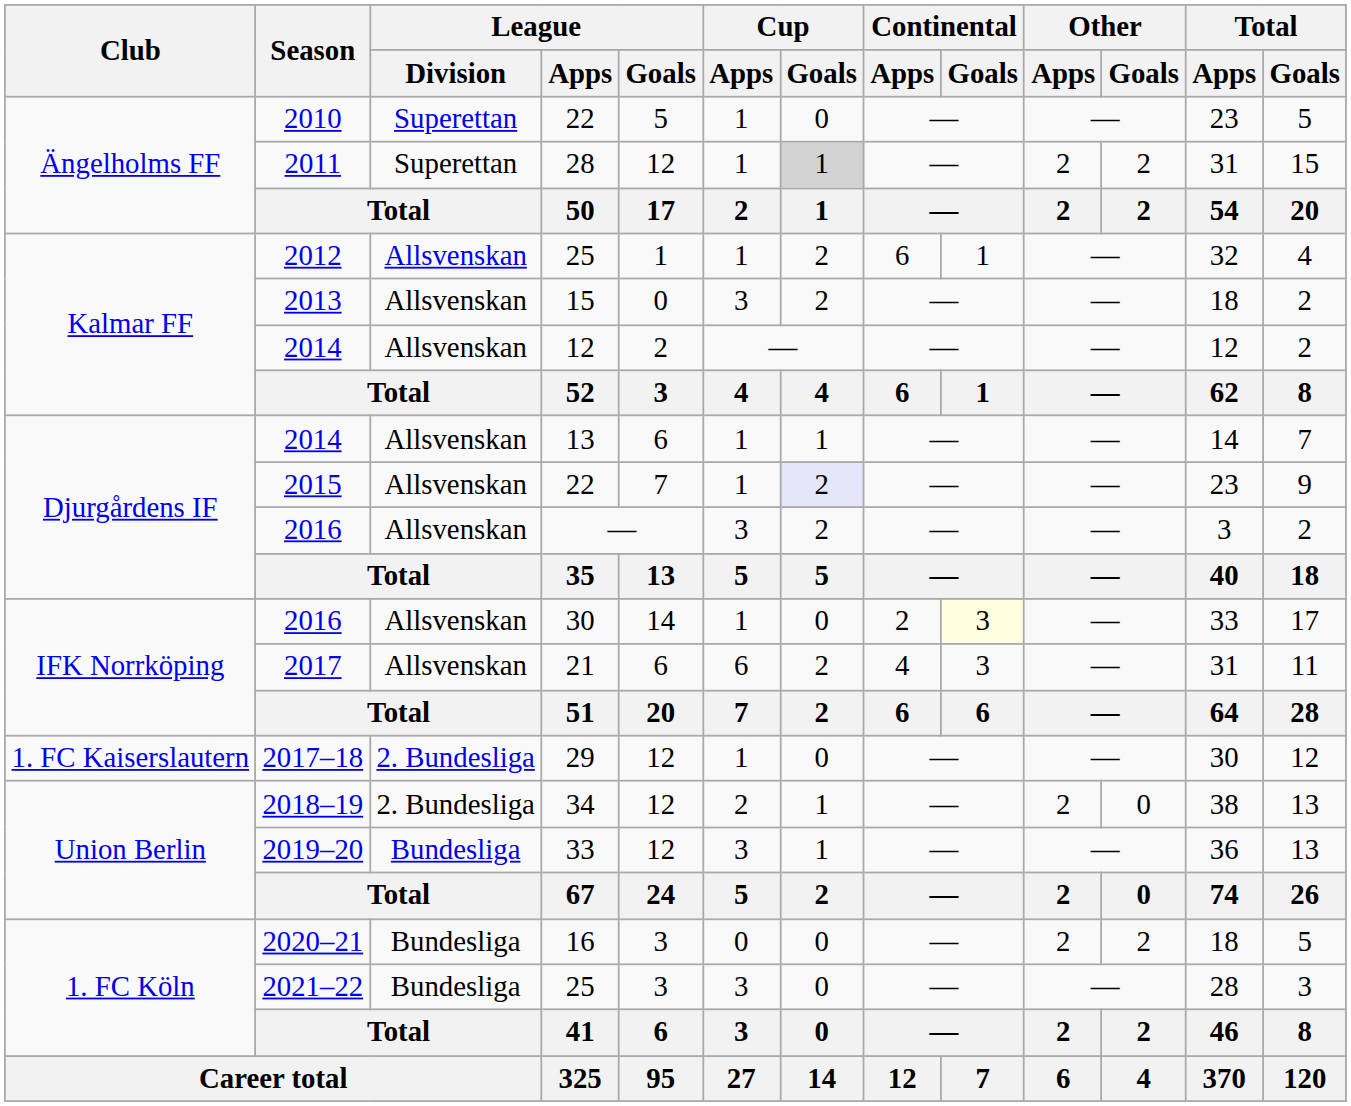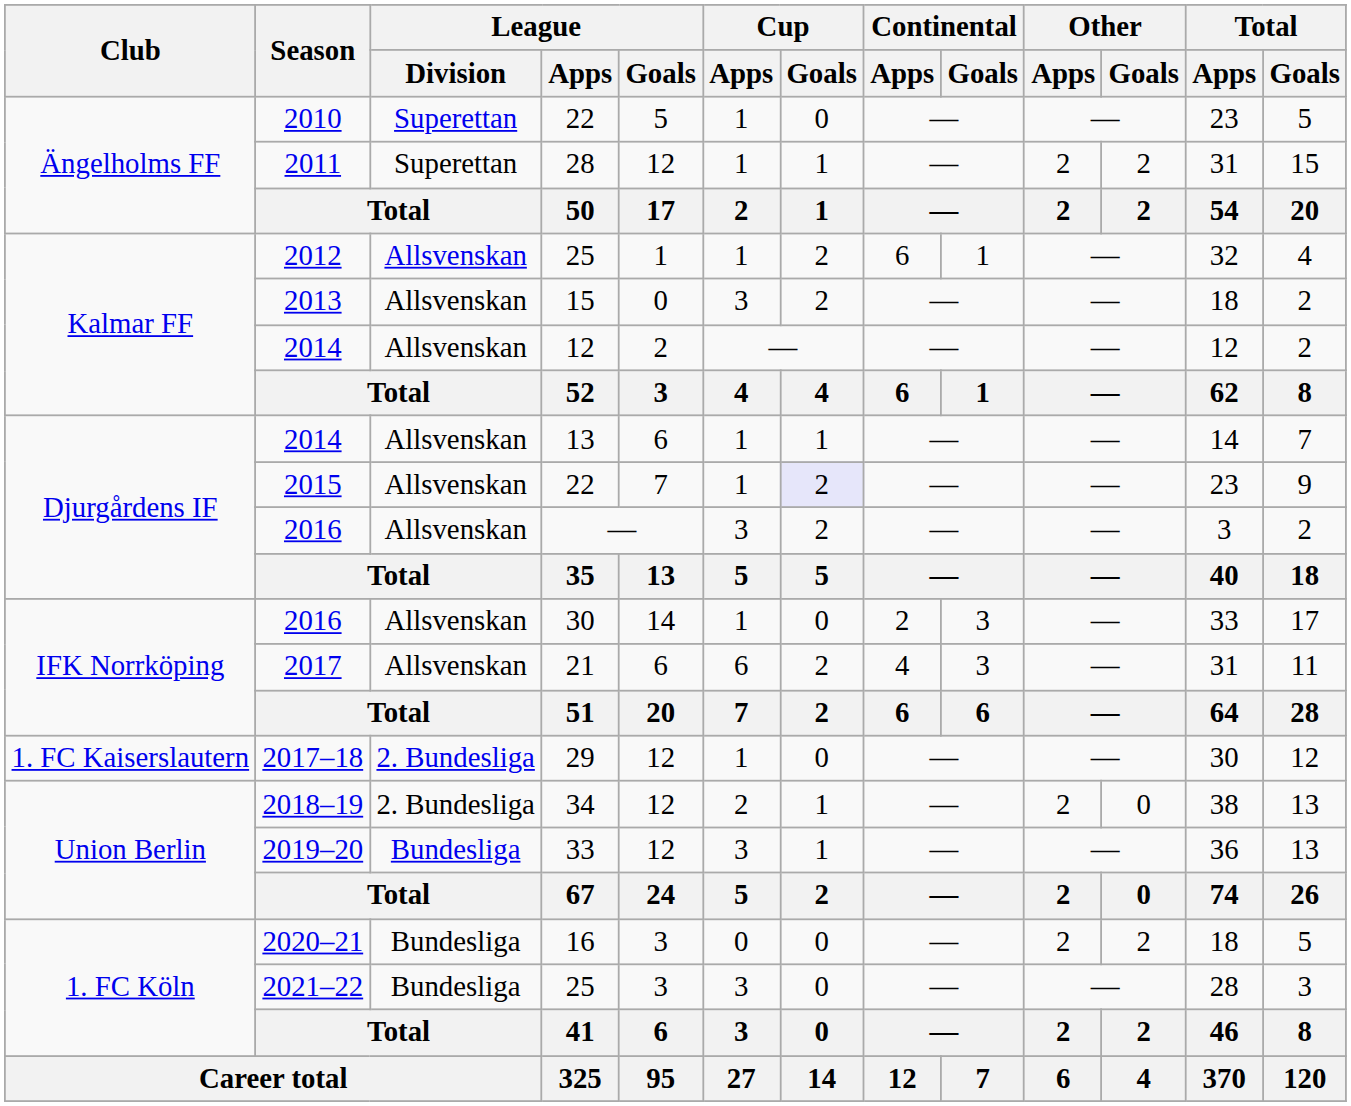 <table class="wikitable" style="text-align:center">
 <tr>
 <th rowspan="2">Club</th>
 <th rowspan="2">Season</th>
 <th colspan="3">League</th>
 <th colspan="2">Cup</th>
 <th colspan="2">Continental</th>
 <th colspan="2">Other</th>
 <th colspan="2">Total</th>
 </tr>
 <tr>
 <th>Division</th>
 <th>Apps</th>
 <th>Goals</th>
 <th>Apps</th>
 <th>Goals</th>
 <th>Apps</th>
 <th>Goals</th>
 <th>Apps</th>
 <th>Goals</th>
 <th>Apps</th>
 <th>Goals</th>
 </tr>
 <tr>
 <td rowspan="3"><a href='#'>Ängelholms FF</a></td>
 <td><a href='#'>2010</a></td>
 <td><a href='#'>Superettan</a></td>
 <td>22</td>
 <td>5</td>
 <td>1</td>
 <td>0</td>
 <td colspan="2">—</td>
 <td colspan="2">—</td>
 <td>23</td>
 <td>5</td>
 </tr>
 <tr>
 <td><a href='#'>2011</a></td>
 <td>Superettan</td>
 <td>28</td>
 <td>12</td>
 <td>1</td>
-<td style="background: lightgrey;">1</td>
+<td>1</td>
 <td colspan="2">—</td>
 <td>2</td>
 <td>2</td>
 <td>31</td>
 <td>15</td>
 </tr>
 <tr>
 <th colspan="2">Total</th>
 <th>50</th>
 <th>17</th>
 <th>2</th>
 <th>1</th>
 <th colspan="2">—</th>
 <th>2</th>
 <th>2</th>
 <th>54</th>
 <th>20</th>
 </tr>
 <tr>
 <td rowspan="4"><a href='#'>Kalmar FF</a></td>
 <td><a href='#'>2012</a></td>
 <td><a href='#'>Allsvenskan</a></td>
 <td>25</td>
 <td>1</td>
 <td>1</td>
 <td>2</td>
 <td>6</td>
 <td>1</td>
 <td colspan="2">—</td>
 <td>32</td>
 <td>4</td>
 </tr>
 <tr>
 <td><a href='#'>2013</a></td>
 <td>Allsvenskan</td>
 <td>15</td>
 <td>0</td>
 <td>3</td>
 <td>2</td>
 <td colspan="2">—</td>
 <td colspan="2">—</td>
 <td>18</td>
 <td>2</td>
 </tr>
 <tr>
 <td><a href='#'>2014</a></td>
 <td>Allsvenskan</td>
 <td>12</td>
 <td>2</td>
 <td colspan="2">—</td>
 <td colspan="2">—</td>
 <td colspan="2">—</td>
 <td>12</td>
 <td>2</td>
 </tr>
 <tr>
 <th colspan="2">Total</th>
 <th>52</th>
 <th>3</th>
 <th>4</th>
 <th>4</th>
 <th>6</th>
 <th>1</th>
 <th colspan="2">—</th>
 <th>62</th>
 <th>8</th>
 </tr>
 <tr>
 <td rowspan="4"><a href='#'>Djurgårdens IF</a></td>
 <td><a href='#'>2014</a></td>
 <td>Allsvenskan</td>
 <td>13</td>
 <td>6</td>
 <td>1</td>
 <td>1</td>
 <td colspan="2">—</td>
 <td colspan="2">—</td>
 <td>14</td>
 <td>7</td>
 </tr>
 <tr>
 <td><a href='#'>2015</a></td>
 <td>Allsvenskan</td>
 <td>22</td>
 <td>7</td>
 <td>1</td>
 <td style="background: lavender;">2</td>
 <td colspan="2">—</td>
 <td colspan="2">—</td>
 <td>23</td>
 <td>9</td>
 </tr>
 <tr>
 <td><a href='#'>2016</a></td>
 <td>Allsvenskan</td>
 <td colspan="2">—</td>
 <td>3</td>
 <td>2</td>
 <td colspan="2">—</td>
 <td colspan="2">—</td>
 <td>3</td>
 <td>2</td>
 </tr>
 <tr>
 <th colspan="2">Total</th>
 <th>35</th>
 <th>13</th>
 <th>5</th>
 <th>5</th>
 <th colspan="2">—</th>
 <th colspan="2">—</th>
 <th>40</th>
 <th>18</th>
 </tr>
 <tr>
 <td rowspan="3"><a href='#'>IFK Norrköping</a></td>
 <td><a href='#'>2016</a></td>
 <td>Allsvenskan</td>
 <td>30</td>
 <td>14</td>
 <td>1</td>
 <td>0</td>
 <td>2</td>
-<td style="background: lightyellow;">3</td>
+<td>3</td>
 <td colspan="2">—</td>
 <td>33</td>
 <td>17</td>
 </tr>
 <tr>
 <td><a href='#'>2017</a></td>
 <td>Allsvenskan</td>
 <td>21</td>
 <td>6</td>
 <td>6</td>
 <td>2</td>
 <td>4</td>
 <td>3</td>
 <td colspan="2">—</td>
 <td>31</td>
 <td>11</td>
 </tr>
 <tr>
 <th colspan="2">Total</th>
 <th>51</th>
 <th>20</th>
 <th>7</th>
 <th>2</th>
 <th>6</th>
 <th>6</th>
 <th colspan="2">—</th>
 <th>64</th>
 <th>28</th>
 </tr>
 <tr>
 <td><a href='#'>1. FC Kaiserslautern</a></td>
 <td><a href='#'>2017–18</a></td>
 <td><a href='#'>2. Bundesliga</a></td>
 <td>29</td>
 <td>12</td>
 <td>1</td>
 <td>0</td>
 <td colspan="2">—</td>
 <td colspan="2">—</td>
 <td>30</td>
 <td>12</td>
 </tr>
 <tr>
 <td rowspan="3"><a href='#'>Union Berlin</a></td>
 <td><a href='#'>2018–19</a></td>
 <td>2. Bundesliga</td>
 <td>34</td>
 <td>12</td>
 <td>2</td>
 <td>1</td>
 <td colspan="2">—</td>
 <td>2</td>
 <td>0</td>
 <td>38</td>
 <td>13</td>
 </tr>
 <tr>
 <td><a href='#'>2019–20</a></td>
 <td><a href='#'>Bundesliga</a></td>
 <td>33</td>
 <td>12</td>
 <td>3</td>
 <td>1</td>
 <td colspan="2">—</td>
 <td colspan="2">—</td>
 <td>36</td>
 <td>13</td>
 </tr>
 <tr>
 <th colspan="2">Total</th>
 <th>67</th>
 <th>24</th>
 <th>5</th>
 <th>2</th>
 <th colspan="2">—</th>
 <th>2</th>
 <th>0</th>
 <th>74</th>
 <th>26</th>
 </tr>
 <tr>
 <td rowspan="3"><a href='#'>1. FC Köln</a></td>
 <td><a href='#'>2020–21</a></td>
 <td>Bundesliga</td>
 <td>16</td>
 <td>3</td>
 <td>0</td>
 <td>0</td>
 <td colspan="2">—</td>
 <td>2</td>
 <td>2</td>
 <td>18</td>
 <td>5</td>
 </tr>
 <tr>
 <td><a href='#'>2021–22</a></td>
 <td>Bundesliga</td>
 <td>25</td>
 <td>3</td>
 <td>3</td>
 <td>0</td>
 <td colspan="2">—</td>
 <td colspan="2">—</td>
 <td>28</td>
 <td>3</td>
 </tr>
 <tr>
 <th colspan="2">Total</th>
 <th>41</th>
 <th>6</th>
 <th>3</th>
 <th>0</th>
 <th colspan="2">—</th>
 <th>2</th>
 <th>2</th>
 <th>46</th>
 <th>8</th>
 </tr>
 <tr>
 <th colspan="3">Career total</th>
 <th>325</th>
 <th>95</th>
 <th>27</th>
 <th>14</th>
 <th>12</th>
 <th>7</th>
 <th>6</th>
 <th>4</th>
 <th>370</th>
 <th>120</th>
 </tr>
 </table>
